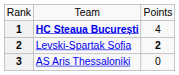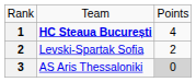 <table class="wikitable" style="text-align: center;">
 <tr>
 <td>Rank</td>
 <td>Team</td>
 <td>Points</td>
 </tr>
 <tr>
 <th>1</th>
 <td style="text-align: left;"> <strong><a href='#'>HC Steaua București</a></strong></td>
 <td>4</td>
 </tr>
 <tr>
 <th>2</th>
 <td style="text-align: left;"> <a href='#'>Levski-Spartak Sofia</a></td>
-<td><strong>2</strong></td>
+<td>2</td>
 </tr>
 <tr>
 <th>3</th>
 <td style="text-align: left;"> <a href='#'>AS Aris Thessaloniki</a></td>
-<td>0</td>
+<td style="background: lightgrey;">0</td>
 </tr>
 </table>
